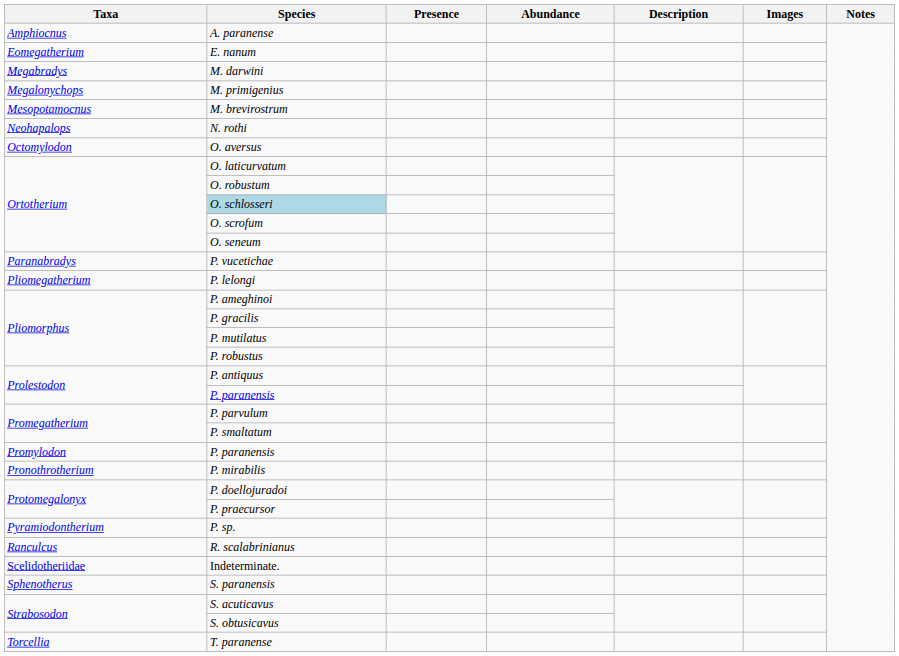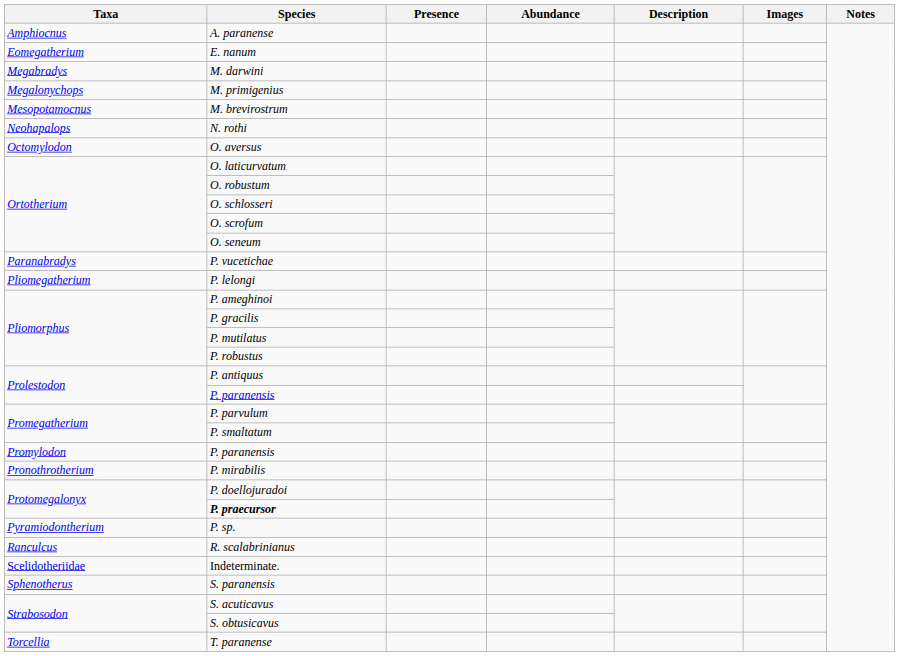 <table class="wikitable sortable" align="center" width="75%">
 <tr>
 <th>Taxa</th>
 <th>Species</th>
 <th>Presence</th>
 <th>Abundance</th>
 <th>Description</th>
 <th>Images</th>
 <th>Notes</th>
 </tr>
 <tr>
 <td><em><a href='#'>Amphiocnus</a></em></td>
 <td><em>A. paranense</em></td>
 <td></td>
 <td></td>
 <td></td>
 <td></td>
 <td rowspan = "100"></td>
 </tr>
 <tr>
 <td><em><a href='#'>Eomegatherium</a></em></td>
 <td><em>E. nanum</em></td>
 <td></td>
 <td></td>
 <td></td>
 <td></td>
 </tr>
 <tr>
 <td><em><a href='#'>Megabradys</a></em></td>
 <td><em>M. darwini</em></td>
 <td></td>
 <td></td>
 <td></td>
 <td></td>
 </tr>
 <tr>
 <td><em><a href='#'>Megalonychops</a></em></td>
 <td><em>M. primigenius</em></td>
 <td></td>
 <td></td>
 <td></td>
 <td></td>
 </tr>
 <tr>
 <td><em><a href='#'>Mesopotamocnus</a></em></td>
 <td><em>M. brevirostrum</em></td>
 <td></td>
 <td></td>
 <td></td>
 <td></td>
 </tr>
 <tr>
 <td><em><a href='#'>Neohapalops</a></em></td>
 <td><em>N. rothi</em></td>
 <td></td>
 <td></td>
 <td></td>
 <td></td>
 </tr>
 <tr>
 <td><em><a href='#'>Octomylodon</a></em></td>
 <td><em>O. aversus</em></td>
 <td></td>
 <td></td>
 <td></td>
 <td></td>
 </tr>
 <tr>
 <td rowspan = 5><em><a href='#'>Ortotherium</a></em></td>
 <td><em>O. laticurvatum</em></td>
 <td></td>
 <td></td>
 <td rowspan = 5></td>
 <td rowspan = 5></td>
 </tr>
 <tr>
 <td><em>O. robustum</em></td>
 <td></td>
 <td></td>
 </tr>
 <tr>
-<td style="background: lightblue;"><em>O. schlosseri</em></td>
+<td><em>O. schlosseri</em></td>
 <td></td>
 <td></td>
 </tr>
 <tr>
 <td><em>O. scrofum</em></td>
 <td></td>
 <td></td>
 </tr>
 <tr>
 <td><em>O. seneum</em></td>
 <td></td>
 <td></td>
 </tr>
 <tr>
 <td><em><a href='#'>Paranabradys</a></em></td>
 <td><em>P. vucetichae</em></td>
 <td></td>
 <td></td>
 <td></td>
 <td></td>
 </tr>
 <tr>
 <td><em><a href='#'>Pliomegatherium</a></em></td>
 <td><em>P. lelongi</em></td>
 <td></td>
 <td></td>
 <td></td>
 <td></td>
 </tr>
 <tr>
 <td rowspan =4><em><a href='#'>Pliomorphus</a></em></td>
 <td><em>P. ameghinoi</em></td>
 <td></td>
 <td></td>
 <td rowspan = 4></td>
 <td rowspan = 4></td>
 </tr>
 <tr>
 <td><em>P. gracilis</em></td>
 <td></td>
 <td></td>
 </tr>
 <tr>
 <td><em>P. mutilatus</em></td>
 <td></td>
 <td></td>
 </tr>
 <tr>
 <td><em>P. robustus</em></td>
 <td></td>
 <td></td>
 </tr>
 <tr>
 <td rowspan = 2><em><a href='#'>Prolestodon</a></em></td>
 <td><em>P. antiquus</em></td>
 <td></td>
 <td></td>
 <td></td>
 <td rowspan = 2></td>
 </tr>
 <tr>
 <td><em><a href='#'>P. paranensis</a></em></td>
 <td></td>
 <td></td>
 <td></td>
 </tr>
 <tr>
 <td rowspan = 2><em><a href='#'>Promegatherium</a></em></td>
 <td><em>P. parvulum</em></td>
 <td></td>
 <td></td>
 <td rowspan = 2></td>
 <td rowspan = 2></td>
 </tr>
 <tr>
 <td><em>P. smaltatum</em></td>
 <td></td>
 <td></td>
 </tr>
 <tr>
 <td><em><a href='#'>Promylodon</a></em></td>
 <td><em>P. paranensis</em></td>
 <td></td>
 <td></td>
 <td></td>
 <td></td>
 </tr>
 <tr>
 <td><em><a href='#'>Pronothrotherium</a></em></td>
 <td><em>P. mirabilis</em></td>
 <td></td>
 <td></td>
 <td></td>
 <td></td>
 </tr>
 <tr>
 <td rowspan=2><em><a href='#'>Protomegalonyx</a></em></td>
 <td><em>P. doellojuradoi</em></td>
 <td></td>
 <td></td>
 <td rowspan = 2></td>
 <td rowspan=2></td>
 </tr>
 <tr>
-<td><em>P. praecursor</em></td>
+<td><strong><em>P. praecursor</em></strong></td>
 <td></td>
 <td></td>
 </tr>
 <tr>
 <td><em><a href='#'>Pyramiodontherium</a></em></td>
 <td><em>P. sp.</em></td>
 <td></td>
 <td></td>
 <td></td>
 <td></td>
 </tr>
 <tr>
 <td><em><a href='#'>Ranculcus</a></em></td>
 <td><em>R. scalabrinianus</em></td>
 <td></td>
 <td></td>
 <td></td>
 <td></td>
 </tr>
 <tr>
 <td><a href='#'>Scelidotheriidae</a></td>
 <td>Indeterminate.</td>
 <td></td>
 <td></td>
 <td></td>
 <td></td>
 </tr>
 <tr>
 <td><em><a href='#'>Sphenotherus</a></em></td>
 <td><em>S. paranensis</em></td>
 <td></td>
 <td></td>
 <td></td>
 <td></td>
 </tr>
 <tr>
 <td rowspan = 2><em><a href='#'>Strabosodon</a></em></td>
 <td><em>S. acuticavus</em></td>
 <td></td>
 <td></td>
 <td rowspan = 2></td>
 <td rowspan =2></td>
 </tr>
 <tr>
 <td><em>S. obtusicavus</em></td>
 <td></td>
 <td></td>
 </tr>
 <tr>
 <td><em><a href='#'>Torcellia</a></em></td>
 <td><em>T. paranense</em></td>
 <td></td>
 <td></td>
 <td></td>
 <td></td>
 </tr>
 </table>
